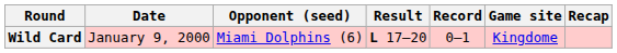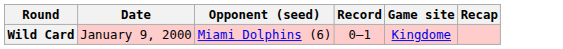 <table class="wikitable" style="text-align:center">
 <tr>
 <th>Round</th>
 <th>Date</th>
 <th>Opponent (seed)</th>
-<th>Result</th>
 <th>Record</th>
 <th>Game site</th>
 <th>Recap</th>
 </tr>
 <tr style="background:#fcc">
 <th>Wild Card</th>
 <td>January 9, 2000</td>
 <td><a href='#'>Miami Dolphins</a> (6)</td>
-<td><strong>L</strong> 17–20</td>
 <td>0–1</td>
 <td><a href='#'>Kingdome</a></td>
 <td></td>
 </tr>
 </table>
